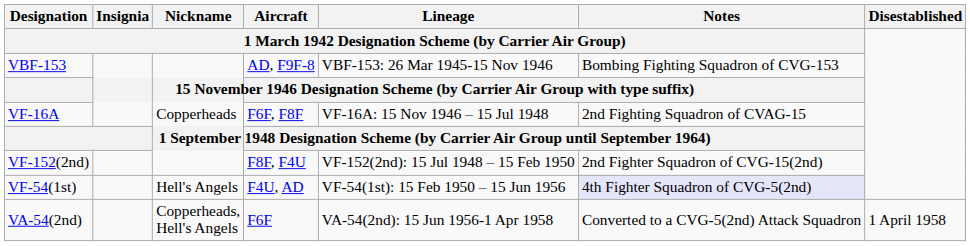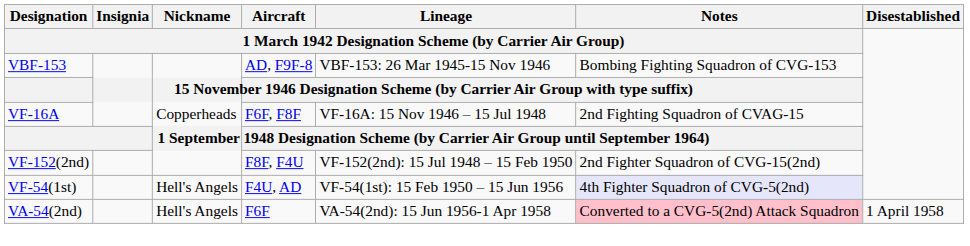 <table class="wikitable">
 <tr>
 <th>Designation</th>
 <th>Insignia</th>
 <th>Nickname</th>
 <th>Aircraft</th>
 <th>Lineage</th>
 <th>Notes</th>
 <th>Disestablished</th>
 </tr>
 <tr>
 <th colspan=6>1 March 1942 Designation Scheme (by Carrier Air Group)</th>
 </tr>
 <tr>
 <td><a href='#'>VBF-153</a></td>
 <td rowspan="3"></td>
 <td rowspan="5">Copperheads</td>
 <td><a href='#'>AD</a>, <a href='#'>F9F-8</a></td>
 <td>VBF-153: 26 Mar 1945-15 Nov 1946</td>
 <td>Bombing Fighting Squadron of CVG-153</td>
 </tr>
 <tr>
 <th colspan=6>15 November 1946 Designation Scheme (by Carrier Air Group with type suffix)</th>
 </tr>
 <tr>
 <td><a href='#'>VF-16A</a></td>
 <td><a href='#'>F6F</a>, <a href='#'>F8F</a></td>
 <td>VF-16A: 15 Nov 1946 – 15 Jul 1948</td>
 <td>2nd Fighting Squadron of CVAG-15</td>
 </tr>
 <tr>
 <th colspan=6>1 September 1948 Designation Scheme (by Carrier Air Group until September 1964)</th>
 </tr>
 <tr>
 <td><a href='#'>VF-152</a>(2nd)</td>
 <td></td>
 <td><a href='#'>F8F</a>, <a href='#'>F4U</a></td>
 <td style="white-space: nowrap;">VF-152(2nd): 15 Jul 1948 – 15 Feb 1950</td>
 <td>2nd Fighter Squadron of CVG-15(2nd)</td>
 </tr>
 <tr>
 <td><a href='#'>VF-54</a>(1st)</td>
 <td> </td>
 <td>Hell's Angels</td>
 <td><a href='#'>F4U</a>, <a href='#'>AD</a></td>
 <td>VF-54(1st): 15 Feb 1950 – 15 Jun 1956</td>
 <td style="background: lavender;">4th Fighter Squadron of CVG-5(2nd)</td>
 </tr>
 <tr>
 <td><a href='#'>VA-54</a>(2nd)</td>
 <td></td>
-<td>Copperheads,<br>Hell's Angels</td>
+<td>Hell's Angels</td>
 <td><a href='#'>F6F</a></td>
 <td>VA-54(2nd): 15 Jun 1956-1 Apr 1958</td>
-<td>Converted to a CVG-5(2nd) Attack Squadron</td>
+<td style="background: pink;">Converted to a CVG-5(2nd) Attack Squadron</td>
 <td>1 April 1958</td>
 </tr>
 </table>
